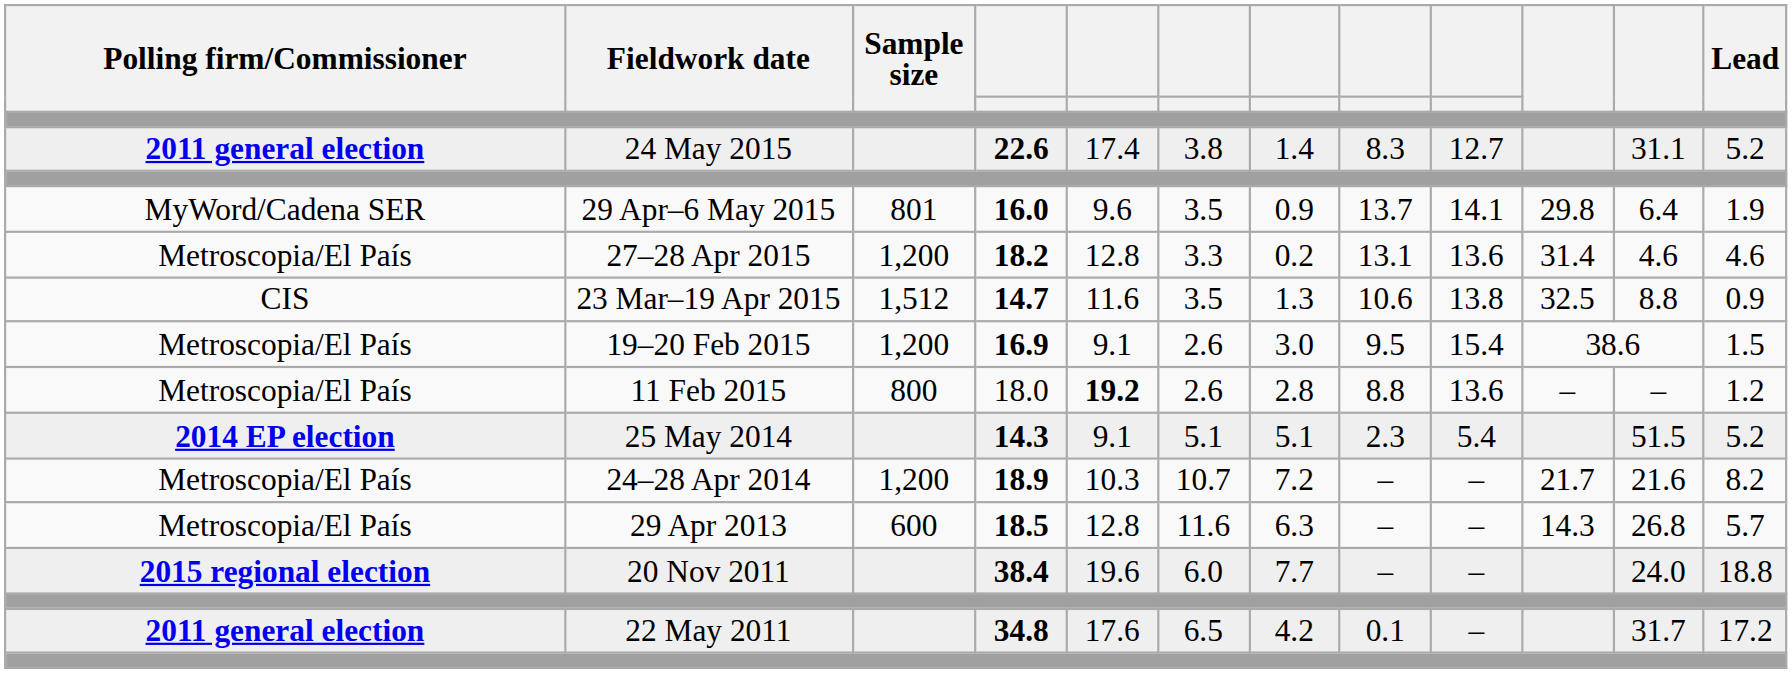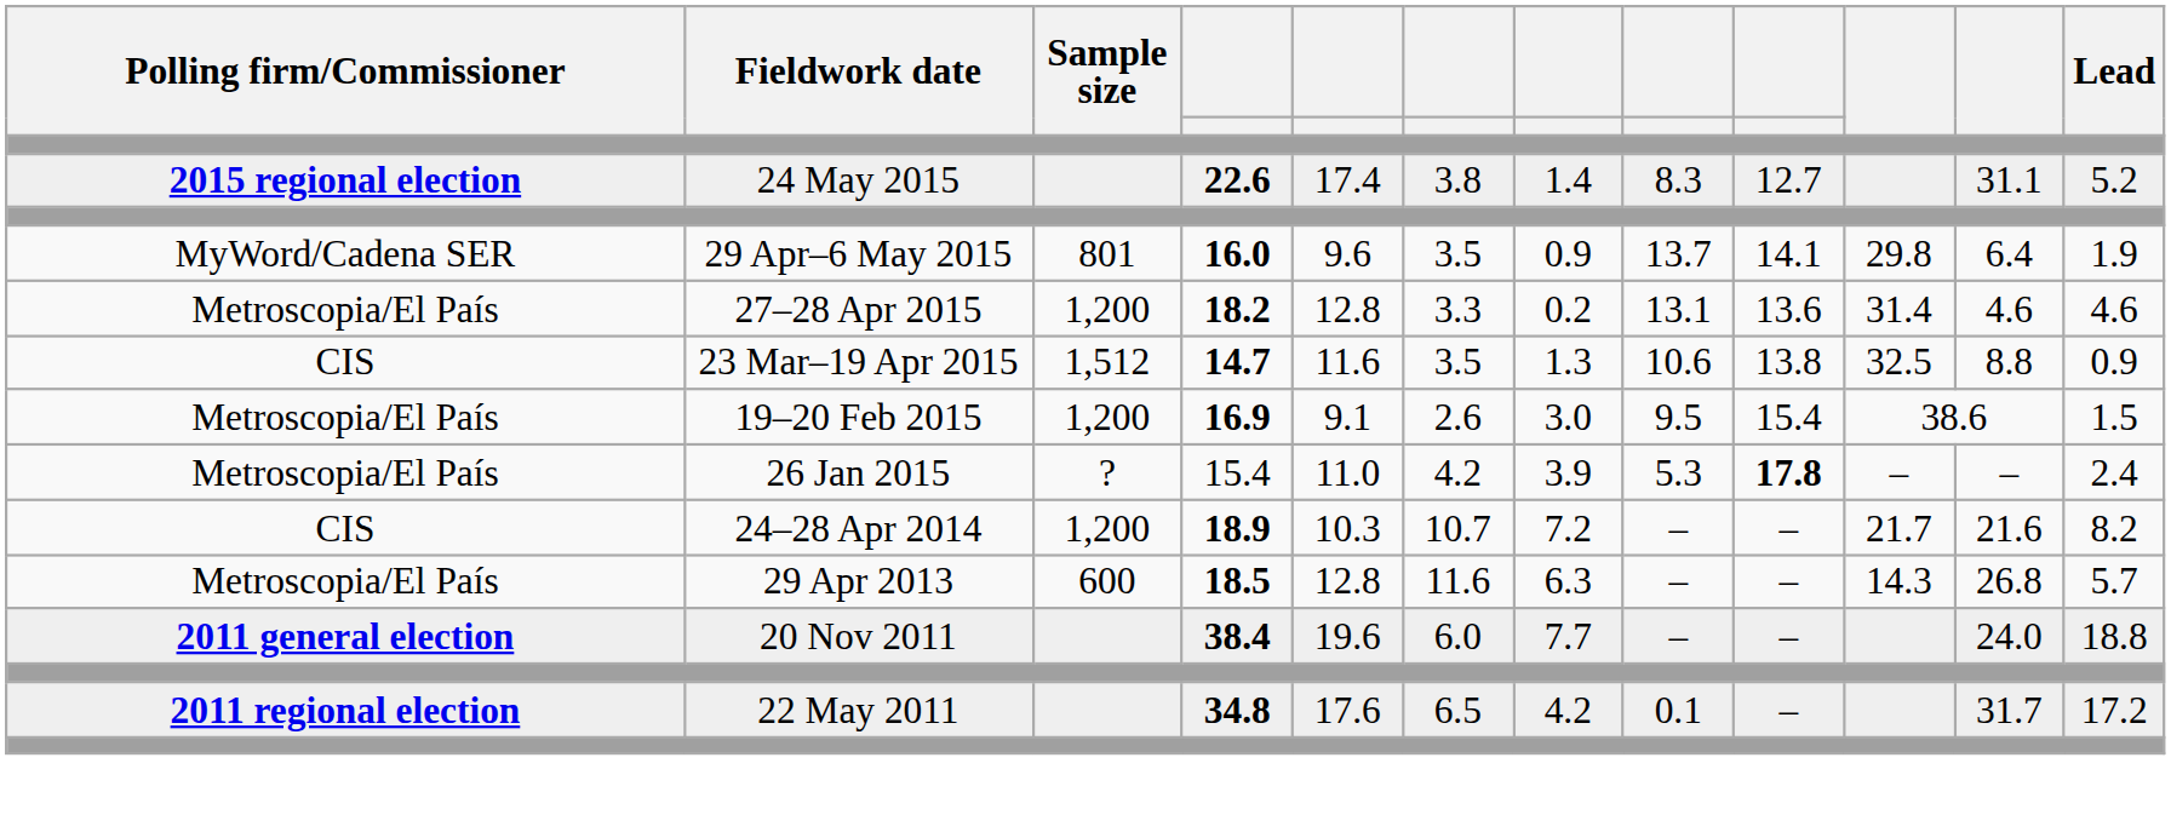 <table class="wikitable collapsible collapsed" style="text-align:center; font-size:90%; line-height:14px;">
 <tr style="height:42px;">
 <th style="width:250px;" rowspan="2">Polling firm/Commissioner</th>
 <th style="width:125px;" rowspan="2">Fieldwork date</th>
 <th style="width:50px;" rowspan="2">Sample size</th>
 <th style="width:35px;"></th>
 <th style="width:35px;"></th>
 <th style="width:35px;"></th>
 <th style="width:35px;"></th>
 <th style="width:35px;"></th>
 <th style="width:35px;"></th>
 <th style="width:35px;" rowspan="2"></th>
 <th style="width:35px;" rowspan="2"></th>
 <th style="width:30px;" rowspan="2">Lead</th>
 </tr>
 <tr>
 <th style="color:inherit;background:"></th>
 <th style="color:inherit;background:"></th>
 <th style="color:inherit;background:"></th>
 <th style="color:inherit;background:"></th>
 <th style="color:inherit;background:"></th>
 <th style="color:inherit;background:"></th>
 </tr>
 <tr>
 <td colspan="12" style="background:#A0A0A0"></td>
 </tr>
 <tr style="background:#EFEFEF;">
-<td><strong><a href='#'>2011 general election</a></strong></td>
+<td><strong><a href='#'>2015 regional election</a></strong></td>
 <td>24 May 2015</td>
 <td></td>
 <td><strong>22.6</strong></td>
 <td>17.4</td>
 <td>3.8</td>
 <td>1.4</td>
 <td>8.3</td>
 <td>12.7</td>
 <td></td>
 <td>31.1</td>
 <td style="background:">5.2</td>
 </tr>
 <tr>
 <td colspan="12" style="background:#A0A0A0"></td>
 </tr>
 <tr>
 <td>MyWord/Cadena SER</td>
 <td>29 Apr–6 May 2015</td>
 <td>801</td>
 <td><strong>16.0</strong></td>
 <td>9.6</td>
 <td>3.5</td>
 <td>0.9</td>
 <td>13.7</td>
 <td>14.1</td>
 <td>29.8</td>
 <td>6.4</td>
 <td style="background:">1.9</td>
 </tr>
 <tr>
 <td>Metroscopia/El País</td>
 <td>27–28 Apr 2015</td>
 <td>1,200</td>
 <td><strong>18.2</strong></td>
 <td>12.8</td>
 <td>3.3</td>
 <td>0.2</td>
 <td>13.1</td>
 <td>13.6</td>
 <td>31.4</td>
 <td>4.6</td>
 <td style="background:">4.6</td>
 </tr>
 <tr>
 <td>CIS</td>
 <td>23 Mar–19 Apr 2015</td>
 <td>1,512</td>
 <td><strong>14.7</strong></td>
 <td>11.6</td>
 <td>3.5</td>
 <td>1.3</td>
 <td>10.6</td>
 <td>13.8</td>
 <td>32.5</td>
 <td>8.8</td>
 <td style="background:">0.9</td>
 </tr>
 <tr>
 <td>Metroscopia/El País</td>
 <td>19–20 Feb 2015</td>
 <td>1,200</td>
 <td><strong>16.9</strong></td>
 <td>9.1</td>
 <td>2.6</td>
 <td>3.0</td>
 <td>9.5</td>
 <td>15.4</td>
 <td colspan="2">38.6</td>
 <td style="background:">1.5</td>
 </tr>
 <tr>
 <td>Metroscopia/El País</td>
-<td>11 Feb 2015</td>
-<td>800</td>
-<td>18.0</td>
-<td><strong>19.2</strong></td>
-<td>2.6</td>
-<td>2.8</td>
-<td>8.8</td>
-<td>13.6</td>
+<td>26 Jan 2015</td>
+<td>?</td>
+<td>15.4</td>
+<td>11.0</td>
+<td>4.2</td>
+<td>3.9</td>
+<td>5.3</td>
+<td><strong>17.8</strong></td>
 <td>–</td>
 <td>–</td>
-<td style="background:">1.2</td>
-</tr>
-<tr style="background:#EFEFEF;">
-<td><strong><a href='#'>2014 EP election</a></strong></td>
-<td>25 May 2014</td>
-<td></td>
-<td><strong>14.3</strong></td>
-<td>9.1</td>
-<td>5.1</td>
-<td>5.1</td>
-<td>2.3</td>
-<td>5.4</td>
-<td></td>
-<td>51.5</td>
-<td style="background:">5.2</td>
+<td style="background:">2.4</td>
 </tr>
 <tr>
-<td>Metroscopia/El País</td>
+<td>CIS</td>
 <td>24–28 Apr 2014</td>
 <td>1,200</td>
 <td><strong>18.9</strong></td>
 <td>10.3</td>
 <td>10.7</td>
 <td>7.2</td>
 <td>–</td>
 <td>–</td>
 <td>21.7</td>
 <td>21.6</td>
 <td style="background:">8.2</td>
 </tr>
 <tr>
 <td>Metroscopia/El País</td>
 <td>29 Apr 2013</td>
 <td>600</td>
 <td><strong>18.5</strong></td>
 <td>12.8</td>
 <td>11.6</td>
 <td>6.3</td>
 <td>–</td>
 <td>–</td>
 <td>14.3</td>
 <td>26.8</td>
 <td style="background:">5.7</td>
 </tr>
 <tr style="background:#EFEFEF;">
-<td><strong><a href='#'>2015 regional election</a></strong></td>
+<td><strong><a href='#'>2011 general election</a></strong></td>
 <td>20 Nov 2011</td>
 <td></td>
 <td><strong>38.4</strong></td>
 <td>19.6</td>
 <td>6.0</td>
 <td>7.7</td>
 <td>–</td>
 <td>–</td>
 <td></td>
 <td>24.0</td>
 <td style="background:">18.8</td>
 </tr>
 <tr>
 <td colspan="12" style="background:#A0A0A0"></td>
 </tr>
 <tr style="background:#EFEFEF;">
-<td><strong><a href='#'>2011 general election</a></strong></td>
+<td><strong><a href='#'>2011 regional election</a></strong></td>
 <td>22 May 2011</td>
 <td></td>
 <td><strong>34.8</strong></td>
 <td>17.6</td>
 <td>6.5</td>
 <td>4.2</td>
 <td>0.1</td>
 <td>–</td>
 <td></td>
 <td>31.7</td>
 <td style="background:">17.2</td>
 </tr>
 <tr>
 <td colspan="12" style="background:#A0A0A0"></td>
 </tr>
 </table>
